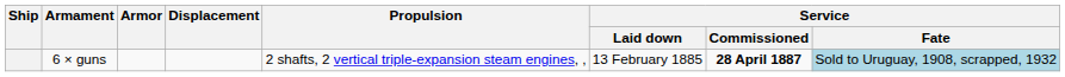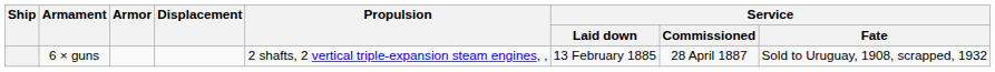 <table class="wikitable plainrowheaders" style="text-align: center;">
 <tr valign="top">
 <th scope="col" rowspan="2">Ship</th>
 <th scope="col" rowspan="2">Armament</th>
 <th scope="col" rowspan="2">Armor</th>
 <th scope="col" rowspan="2">Displacement</th>
 <th scope="col" rowspan="2">Propulsion</th>
 <th scope="col" colspan="3">Service</th>
 </tr>
 <tr valign="top">
 <th scope="col">Laid down</th>
 <th scope="col">Commissioned</th>
 <th scope="col">Fate</th>
 </tr>
 <tr valign="center">
 <th scope="row"></th>
 <td>6 ×  guns</td>
 <td></td>
 <td></td>
 <td>2 shafts, 2 <a href='#'>vertical triple-expansion steam engines</a>, , </td>
 <td>13 February 1885</td>
-<td><strong>28 April 1887</strong></td>
-<td style="background: lightblue;">Sold to Uruguay, 1908, scrapped, 1932</td>
+<td>28 April 1887</td>
+<td>Sold to Uruguay, 1908, scrapped, 1932</td>
 </tr>
 </table>
